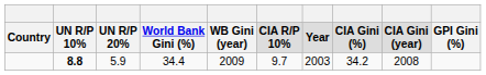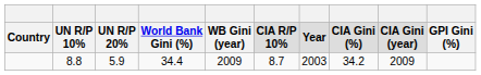 <table class="wikitable sortable">
 <tr>
 <th><br></th>
 <th><br></th>
 <th><br></th>
 <th><br></th>
 <th><br></th>
 <th><br></th>
 <th><br></th>
 <th><br></th>
 <th><br></th>
 <th><br></th>
 </tr>
 <tr>
 <th>Country</th>
 <th>UN R/P<br>10%</th>
 <th>UN R/P<br>20%</th>
 <th><a href='#'>World Bank</a><br>Gini (%)</th>
 <th>WB Gini<br>(year)</th>
 <th style="background:#ddd">CIA R/P<br>10%</th>
 <th style="background:#ddd">Year</th>
 <th style="background:#ddd">CIA Gini<br>(%)</th>
 <th style="background:#ddd">CIA Gini<br>(year)</th>
 <th>GPI Gini<br>(%)</th>
 </tr>
 <tr style="text-align:center;">
 <td style="text-align:left;"></td>
-<td><strong>8.8</strong></td>
+<td>8.8</td>
 <td>5.9</td>
 <td>34.4</td>
 <td>2009</td>
-<td>9.7</td>
+<td>8.7</td>
 <td>2003</td>
 <td>34.2</td>
-<td>2008</td>
+<td>2009</td>
 <td></td>
 </tr>
 </table>
